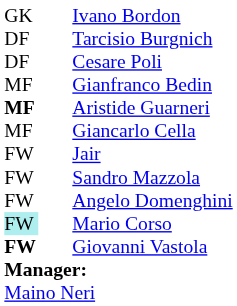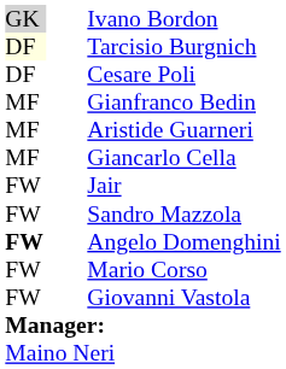 <table style="font-size:90%; margin:0.2em auto;" cellspacing="0" cellpadding="0">
 <tr>
 <th width="25"></th>
 <th width="25"></th>
 </tr>
 <tr>
-<td>GK</td>
+<td style="background: lightgrey;">GK</td>
 <td></td>
 <td> <a href='#'>Ivano Bordon</a></td>
 </tr>
 <tr>
-<td>DF</td>
+<td style="background: lightyellow;">DF</td>
 <td></td>
 <td> <a href='#'>Tarcisio Burgnich</a></td>
 </tr>
 <tr>
 <td>DF</td>
 <td></td>
 <td> <a href='#'>Cesare Poli</a></td>
 </tr>
 <tr>
 <td>MF</td>
 <td></td>
 <td> <a href='#'>Gianfranco Bedin</a></td>
 </tr>
 <tr>
-<td><strong>MF</strong></td>
+<td>MF</td>
 <td></td>
 <td> <a href='#'>Aristide Guarneri</a></td>
 </tr>
 <tr>
 <td>MF</td>
 <td></td>
 <td> <a href='#'>Giancarlo Cella</a></td>
 </tr>
 <tr>
 <td>FW</td>
 <td></td>
 <td> <a href='#'>Jair</a></td>
 </tr>
 <tr>
 <td>FW</td>
 <td></td>
 <td> <a href='#'>Sandro Mazzola</a></td>
 </tr>
 <tr>
-<td>FW</td>
+<td><strong>FW</strong></td>
 <td></td>
 <td> <a href='#'>Angelo Domenghini</a></td>
 </tr>
 <tr>
-<td style="background: paleturquoise;">FW</td>
+<td>FW</td>
 <td></td>
 <td> <a href='#'>Mario Corso</a></td>
 </tr>
 <tr>
-<td><strong>FW</strong></td>
+<td>FW</td>
 <td></td>
 <td> <a href='#'>Giovanni Vastola</a></td>
 </tr>
 <tr>
 <td colspan=3><strong>Manager:</strong></td>
 </tr>
 <tr>
 <td colspan=4> <a href='#'>Maino Neri</a></td>
 </tr>
 </table>
